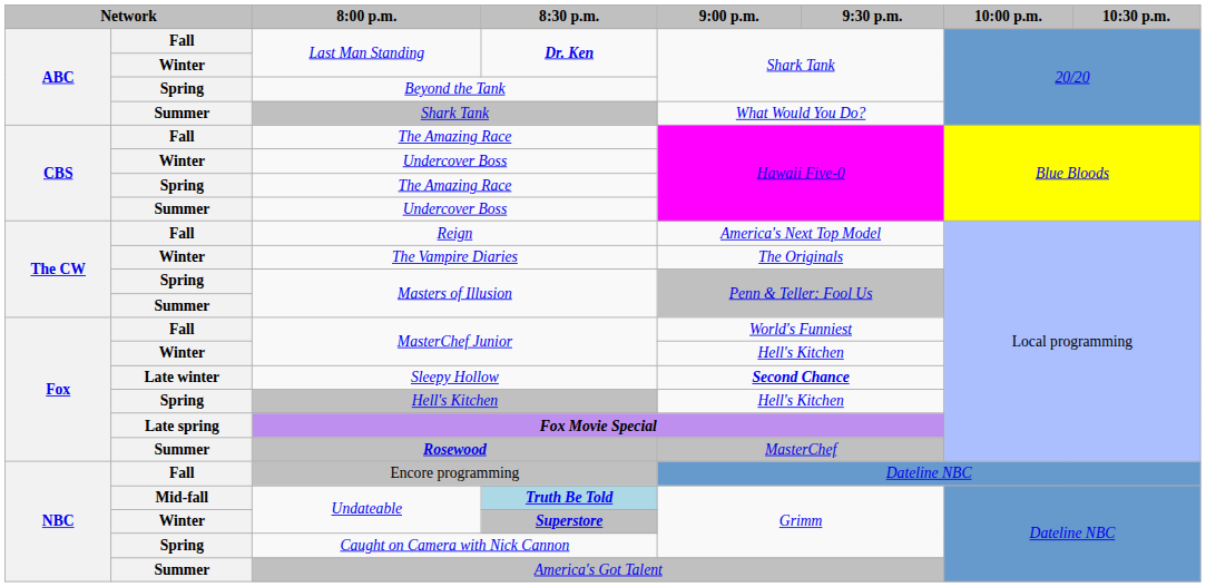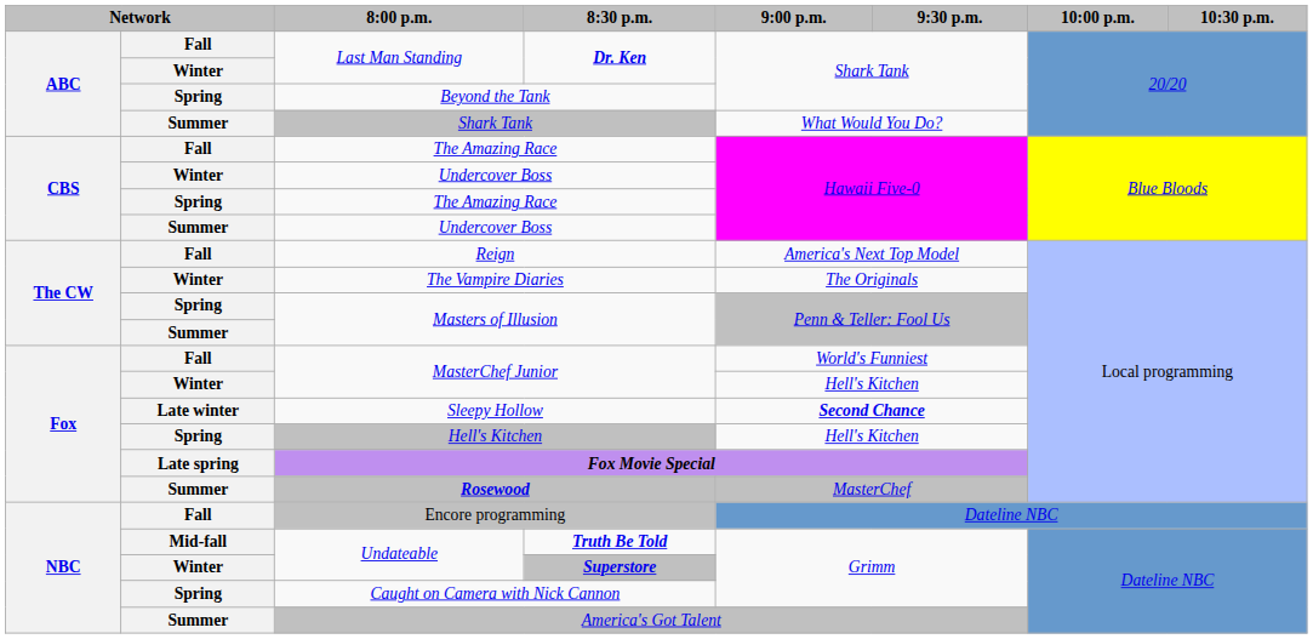 <table class="wikitable" style="width:100%;margin-right:0;text-align:center">
 <tr>
 <th colspan="2" style="background-color:#C0C0C0;text-align:center">Network</th>
 <th style="background-color:#C0C0C0;text-align:center">8:00 p.m.</th>
 <th style="background-color:#C0C0C0;text-align:center">8:30 p.m.</th>
 <th style="background-color:#C0C0C0;text-align:center">9:00 p.m.</th>
 <th style="background-color:#C0C0C0;text-align:center">9:30 p.m.</th>
 <th style="background-color:#C0C0C0;text-align:center">10:00 p.m.</th>
 <th style="background-color:#C0C0C0;text-align:center">10:30 p.m.</th>
 </tr>
 <tr>
 <th rowspan="4"><a href='#'>ABC</a></th>
 <th>Fall</th>
 <td rowspan="2"><em><a href='#'>Last Man Standing</a></em></td>
 <td rowspan="2"><strong><em><a href='#'>Dr. Ken</a></em></strong></td>
 <td colspan="2" rowspan="3"><em><a href='#'>Shark Tank</a></em></td>
 <td style="background:#6699CC;" colspan="2" rowspan="4"><em><a href='#'>20/20</a></em></td>
 </tr>
 <tr>
 <th>Winter</th>
 </tr>
 <tr>
 <th>Spring</th>
 <td colspan="2"><em><a href='#'>Beyond the Tank</a></em></td>
 </tr>
 <tr>
 <th>Summer</th>
 <td style="background:#C0C0C0;" colspan="2"><em><a href='#'>Shark Tank</a></em> </td>
 <td colspan="2"><em><a href='#'>What Would You Do?</a></em></td>
 </tr>
 <tr>
 <th rowspan="4"><a href='#'>CBS</a></th>
 <th>Fall</th>
 <td colspan="2"><em><a href='#'>The Amazing Race</a></em></td>
 <td rowspan="4" colspan="2" style="background:#FF00FF;"><em><a href='#'>Hawaii Five-0</a></em> </td>
 <td rowspan="4" colspan="2" style="background:#FFFF00;"><em><a href='#'>Blue Bloods</a></em> </td>
 </tr>
 <tr>
 <th>Winter</th>
 <td colspan="2"><em><a href='#'>Undercover Boss</a></em></td>
 </tr>
 <tr>
 <th>Spring</th>
 <td colspan="2"><em><a href='#'>The Amazing Race</a></em></td>
 </tr>
 <tr>
 <th>Summer</th>
 <td colspan="2"><em><a href='#'>Undercover Boss</a></em></td>
 </tr>
 <tr>
 <th rowspan="4"><a href='#'>The CW</a></th>
 <th>Fall</th>
 <td colspan="2"><em><a href='#'>Reign</a></em></td>
 <td colspan="2"><em><a href='#'>America's Next Top Model</a></em></td>
 <td style="background:#abbfff;" colspan="2" rowspan="10">Local programming</td>
 </tr>
 <tr>
 <th>Winter</th>
 <td colspan="2"><em><a href='#'>The Vampire Diaries</a></em></td>
 <td colspan="2"><em><a href='#'>The Originals</a></em></td>
 </tr>
 <tr>
 <th>Spring</th>
 <td colspan="2" rowspan="2"><em><a href='#'>Masters of Illusion</a></em></td>
 <td style="background:#C0C0C0;" colspan="2" rowspan="2"><em><a href='#'>Penn & Teller: Fool Us</a></em> </td>
 </tr>
 <tr>
 <th>Summer</th>
 </tr>
 <tr>
 <th rowspan="6"><a href='#'>Fox</a></th>
 <th>Fall</th>
 <td colspan="2" rowspan="2"><em><a href='#'>MasterChef Junior</a></em></td>
 <td colspan="2"><em><a href='#'>World's Funniest</a></em></td>
 </tr>
 <tr>
 <th>Winter</th>
 <td colspan="2"><em><a href='#'>Hell's Kitchen</a></em></td>
 </tr>
 <tr>
 <th>Late winter</th>
 <td colspan="2"><em><a href='#'>Sleepy Hollow</a></em></td>
 <td colspan="2"><strong><em><a href='#'>Second Chance</a></em></strong></td>
 </tr>
 <tr>
 <th>Spring</th>
 <td style="background:#C0C0C0;" colspan="2"><em><a href='#'>Hell's Kitchen</a></em> </td>
 <td colspan="2"><em><a href='#'>Hell's Kitchen</a></em></td>
 </tr>
 <tr>
 <th>Late spring</th>
 <td colspan="4" style="background:#bf8fef"><strong><em>Fox Movie Special</em></strong></td>
 </tr>
 <tr>
 <th>Summer</th>
 <td style="background:#C0C0C0;" colspan="2"><strong><em><a href='#'>Rosewood</a></em></strong> </td>
 <td style="background:#C0C0C0;" colspan="2"><em><a href='#'>MasterChef</a></em> </td>
 </tr>
 <tr>
 <th rowspan="5"><a href='#'>NBC</a></th>
 <th>Fall</th>
 <td style="background:#C0C0C0;" colspan="2">Encore programming</td>
 <td style="background:#6699CC;" colspan="4"><em><a href='#'>Dateline NBC</a></em></td>
 </tr>
 <tr>
 <th>Mid-fall</th>
 <td rowspan="2"><em><a href='#'>Undateable</a></em></td>
-<td style="background: lightblue;"><strong><em><a href='#'>Truth Be Told</a></em></strong></td>
+<td><strong><em><a href='#'>Truth Be Told</a></em></strong></td>
 <td rowspan="3" colspan="2"><em><a href='#'>Grimm</a></em></td>
 <td style="background:#6699CC;" rowspan="4" colspan="2"><em><a href='#'>Dateline NBC</a></em></td>
 </tr>
 <tr>
 <th>Winter</th>
 <td style="background:#C0C0C0;"><strong><em><a href='#'>Superstore</a></em></strong> </td>
 </tr>
 <tr>
 <th>Spring</th>
 <td colspan="2"><em><a href='#'>Caught on Camera with Nick Cannon</a></em></td>
 </tr>
 <tr>
 <th>Summer</th>
 <td style="background:#C0C0C0;" colspan="4"><em><a href='#'>America's Got Talent</a></em> </td>
 </tr>
 </table>
